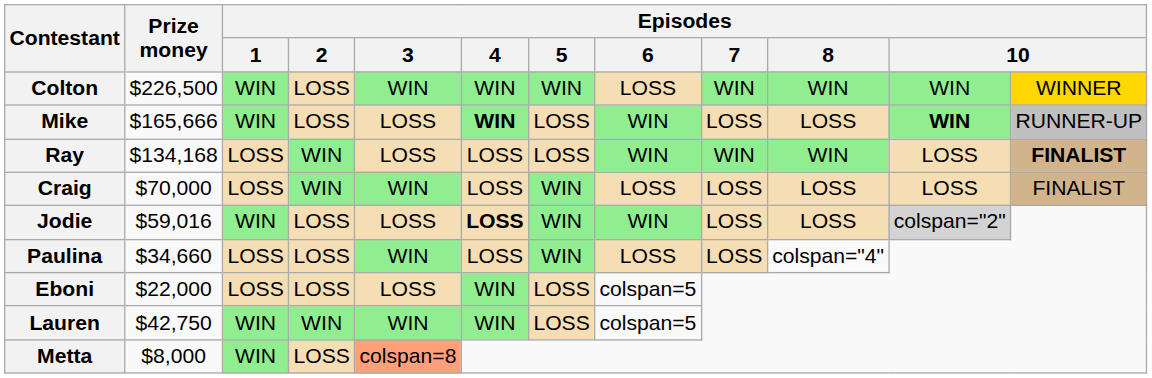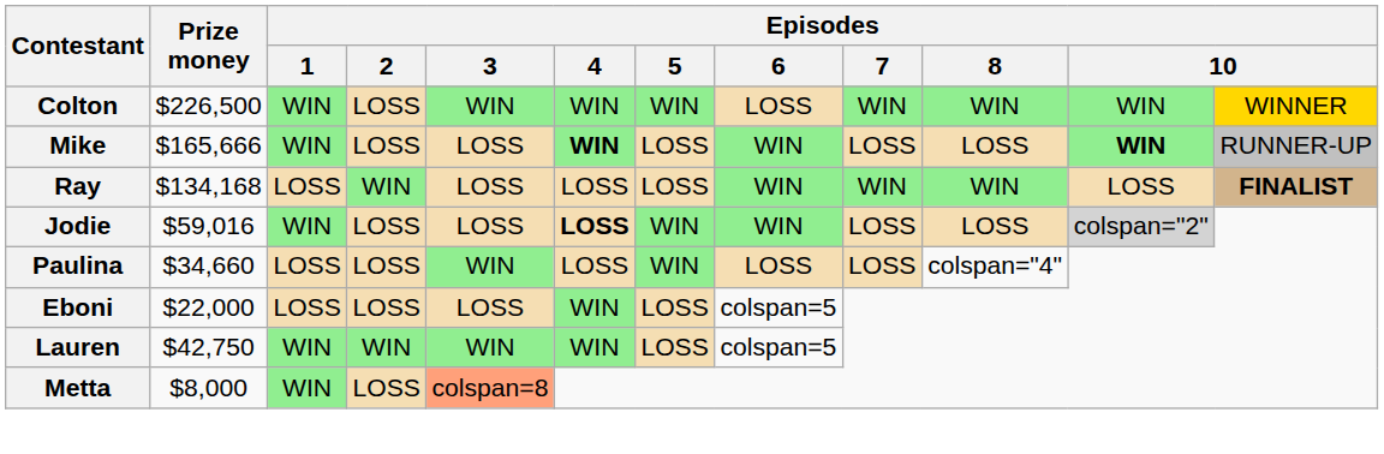 <table class="wikitable nowrap" style="text-align:center;">
 <tr>
 <th rowspan=2>Contestant</th>
 <th rowspan=2>Prize<br>money</th>
 <th colspan=10>Episodes</th>
 </tr>
 <tr>
 <th>1</th>
 <th>2</th>
 <th>3</th>
 <th>4</th>
 <th>5</th>
 <th>6</th>
 <th>7</th>
 <th>8</th>
 <th colspan=2>10</th>
 </tr>
 <tr>
 <th>Colton</th>
 <td>$226,500</td>
 <td bgcolor="lightgreen">WIN</td>
 <td bgcolor="wheat">LOSS</td>
 <td bgcolor="lightgreen">WIN</td>
 <td bgcolor="lightgreen">WIN</td>
 <td bgcolor="lightgreen">WIN</td>
 <td bgcolor="wheat">LOSS</td>
 <td bgcolor="lightgreen">WIN</td>
 <td bgcolor="lightgreen">WIN</td>
 <td bgcolor="lightgreen">WIN</td>
 <td bgcolor="gold">WINNER</td>
 </tr>
 <tr>
 <th>Mike</th>
 <td>$165,666</td>
 <td bgcolor="lightgreen">WIN</td>
 <td bgcolor="wheat">LOSS</td>
 <td bgcolor="wheat">LOSS</td>
 <td bgcolor="lightgreen"><strong>WIN</strong></td>
 <td bgcolor="wheat">LOSS</td>
 <td bgcolor="lightgreen">WIN</td>
 <td bgcolor="wheat">LOSS</td>
 <td bgcolor="wheat">LOSS</td>
 <td bgcolor="lightgreen"><strong>WIN</strong></td>
 <td bgcolor="silver">RUNNER-UP</td>
 </tr>
 <tr>
 <th>Ray</th>
 <td>$134,168</td>
 <td bgcolor="wheat">LOSS</td>
 <td bgcolor="lightgreen">WIN</td>
 <td bgcolor="wheat">LOSS</td>
 <td bgcolor="wheat">LOSS</td>
 <td bgcolor="wheat">LOSS</td>
 <td bgcolor="lightgreen">WIN</td>
 <td bgcolor="lightgreen">WIN</td>
 <td bgcolor="lightgreen">WIN</td>
 <td bgcolor="wheat">LOSS</td>
 <td bgcolor="tan"><strong>FINALIST</strong></td>
 </tr>
 <tr>
-<th>Craig</th>
-<td>$70,000</td>
-<td bgcolor="wheat">LOSS</td>
-<td bgcolor="lightgreen">WIN</td>
-<td bgcolor="lightgreen">WIN</td>
-<td bgcolor="wheat">LOSS</td>
-<td bgcolor="lightgreen">WIN</td>
-<td bgcolor="wheat">LOSS</td>
-<td bgcolor="wheat">LOSS</td>
-<td bgcolor="wheat">LOSS</td>
-<td bgcolor="wheat">LOSS</td>
-<td bgcolor="tan">FINALIST</td>
-</tr>
-<tr>
 <th>Jodie</th>
 <td>$59,016</td>
 <td bgcolor="lightgreen">WIN</td>
 <td bgcolor="wheat">LOSS</td>
 <td bgcolor="wheat">LOSS</td>
 <td bgcolor="wheat"><strong>LOSS</strong></td>
 <td bgcolor="lightgreen">WIN</td>
 <td bgcolor="lightgreen">WIN</td>
 <td bgcolor="wheat">LOSS</td>
 <td bgcolor="wheat">LOSS</td>
 <td style="background: lightgrey;">colspan="2" </td>
 </tr>
 <tr>
 <th>Paulina</th>
 <td>$34,660</td>
 <td bgcolor=wheat>LOSS</td>
 <td bgcolor=wheat>LOSS</td>
 <td bgcolor=lightgreen>WIN</td>
 <td bgcolor=wheat>LOSS</td>
 <td bgcolor=lightgreen>WIN</td>
 <td bgcolor=wheat>LOSS</td>
 <td bgcolor=wheat>LOSS</td>
 <td>colspan="4" </td>
 </tr>
 <tr>
 <th>Eboni</th>
 <td>$22,000</td>
 <td bgcolor=wheat>LOSS</td>
 <td bgcolor=wheat>LOSS</td>
 <td bgcolor=wheat>LOSS</td>
 <td bgcolor=lightgreen>WIN</td>
 <td bgcolor=wheat>LOSS</td>
 <td>colspan=5 </td>
 </tr>
 <tr>
 <th>Lauren</th>
 <td>$42,750</td>
 <td bgcolor=lightgreen>WIN</td>
 <td bgcolor=lightgreen>WIN</td>
 <td bgcolor=lightgreen>WIN</td>
 <td bgcolor=lightgreen>WIN</td>
 <td bgcolor=wheat>LOSS</td>
 <td>colspan=5 </td>
 </tr>
 <tr>
 <th>Metta</th>
 <td>$8,000</td>
 <td bgcolor=lightgreen>WIN</td>
 <td bgcolor=wheat>LOSS</td>
 <td style="background: lightsalmon;">colspan=8 </td>
 </tr>
 </table>
